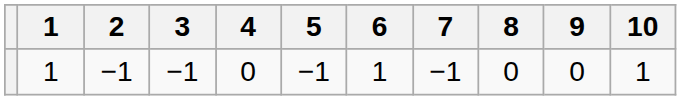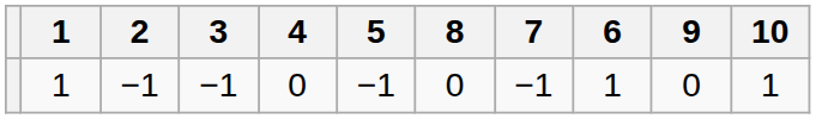 <table class="wikitable" colwidth="2em" style="text-align:center">
 <tr>
 <th></th>
 <th style="width: 30px;">1</th>
 <th style="width: 30px;">2</th>
 <th style="width: 30px;">3</th>
 <th style="width: 30px;">4</th>
 <th style="width: 30px;">5</th>
+<th style="width: 30px;">8</th>
+<th style="width: 30px;">7</th>
 <th style="width: 30px;">6</th>
-<th style="width: 30px;">7</th>
-<th style="width: 30px;">8</th>
 <th style="width: 30px;">9</th>
 <th style="width: 30px;">10</th>
 </tr>
 <tr>
 <th></th>
 <td>1</td>
 <td>−1</td>
 <td>−1</td>
 <td>0</td>
 <td>−1</td>
+<td>0</td>
+<td>−1</td>
 <td>1</td>
-<td>−1</td>
-<td>0</td>
 <td>0</td>
 <td>1</td>
 </tr>
 </table>
